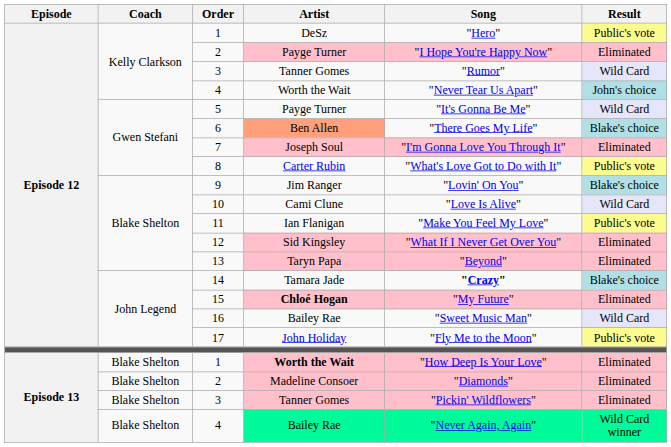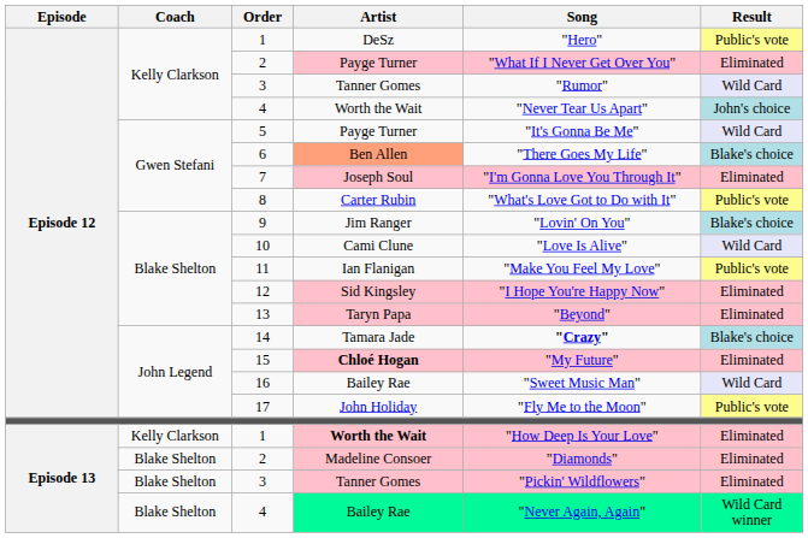 <table class="wikitable" style="text-align:center; width:100%;">
 <tr>
 <th style="width:10%;">Episode</th>
 <th style="width:10%;">Coach</th>
 <th style="width:05%;">Order</th>
 <th style="width:15%;">Artist</th>
 <th style="width:21%;">Song</th>
 <th style="width:9%;">Result</th>
 </tr>
 <tr>
 <th scope="row" rowspan="17">Episode 12 <br></th>
 <td rowspan="4">Kelly Clarkson</td>
 <td>1</td>
 <td>DeSz</td>
 <td>"<a href='#'>Hero</a>"</td>
 <td style="background:#fdfc8f">Public's vote</td>
 </tr>
 <tr>
 <td>2</td>
 <td style="background:pink;">Payge Turner</td>
-<td style="background:pink">"<a href='#'>I Hope You're Happy Now</a>"</td>
+<td style="background:pink">"<a href='#'>What If I Never Get Over You</a>"</td>
 <td style="background:pink">Eliminated</td>
 </tr>
 <tr>
 <td>3</td>
 <td>Tanner Gomes</td>
 <td>"<a href='#'>Rumor</a>"</td>
 <td style="background:lavender">Wild Card</td>
 </tr>
 <tr>
 <td>4</td>
 <td>Worth the Wait</td>
 <td>"<a href='#'>Never Tear Us Apart</a>"</td>
 <td style="background:#b0e0e6;">John's choice</td>
 </tr>
 <tr>
 <td rowspan="4">Gwen Stefani</td>
 <td>5</td>
 <td>Payge Turner</td>
 <td>"<a href='#'>It's Gonna Be Me</a>"</td>
 <td style="background:lavender">Wild Card</td>
 </tr>
 <tr>
 <td>6</td>
 <td style="background: lightsalmon;">Ben Allen</td>
 <td>"<a href='#'>There Goes My Life</a>"</td>
 <td style="background:#b0e0e6;">Blake's choice</td>
 </tr>
 <tr>
 <td>7</td>
 <td style="background:pink">Joseph Soul</td>
 <td style="background:pink;">"<a href='#'>I'm Gonna Love You Through It</a>"</td>
 <td style="background:pink">Eliminated</td>
 </tr>
 <tr>
 <td>8</td>
 <td><a href='#'>Carter Rubin</a></td>
 <td>"<a href='#'>What's Love Got to Do with It</a>"</td>
 <td style="background:#fdfc8f">Public's vote</td>
 </tr>
 <tr>
 <td rowspan="5">Blake Shelton</td>
 <td>9</td>
 <td>Jim Ranger</td>
 <td>"<a href='#'>Lovin' On You</a>"</td>
 <td style="background:#b0e0e6;">Blake's choice</td>
 </tr>
 <tr>
 <td>10</td>
 <td>Cami Clune</td>
 <td>"<a href='#'>Love Is Alive</a>"</td>
 <td style="background:lavender">Wild Card</td>
 </tr>
 <tr>
 <td>11</td>
 <td>Ian Flanigan</td>
 <td>"<a href='#'>Make You Feel My Love</a>"</td>
 <td style="background:#fdfc8f">Public's vote</td>
 </tr>
 <tr>
 <td>12</td>
 <td style="background:pink">Sid Kingsley</td>
-<td style="background:pink">"<a href='#'>What If I Never Get Over You</a>"</td>
+<td style="background:pink">"<a href='#'>I Hope You're Happy Now</a>"</td>
 <td style="background:pink">Eliminated</td>
 </tr>
 <tr>
 <td>13</td>
 <td style="background:pink">Taryn Papa</td>
 <td style="background:pink">"<a href='#'>Beyond</a>"</td>
 <td style="background:pink">Eliminated</td>
 </tr>
 <tr>
 <td rowspan="4">John Legend</td>
 <td>14</td>
 <td>Tamara Jade</td>
 <td><strong>"<a href='#'>Crazy</a>"</strong></td>
 <td style="background:#b0e0e6;">Blake's choice</td>
 </tr>
 <tr>
 <td>15</td>
 <td style="background:pink"><strong>Chloé Hogan</strong></td>
 <td style="background:pink">"<a href='#'>My Future</a>"</td>
 <td style="background:pink">Eliminated</td>
 </tr>
 <tr>
 <td>16</td>
 <td>Bailey Rae</td>
 <td>"<a href='#'>Sweet Music Man</a>"</td>
 <td style="background:lavender">Wild Card</td>
 </tr>
 <tr>
 <td>17</td>
 <td><a href='#'>John Holiday</a></td>
 <td>"<a href='#'>Fly Me to the Moon</a>"</td>
 <td style="background:#fdfc8f">Public's vote</td>
 </tr>
 <tr>
 <td colspan="6" style="background:#555;"></td>
 </tr>
 <tr>
 <th scope="row" rowspan="4">Episode 13 <br></th>
-<td>Blake Shelton</td>
+<td>Kelly Clarkson</td>
 <td>1</td>
 <td style="background:pink;"><strong>Worth the Wait</strong></td>
 <td style="background:pink">"<a href='#'>How Deep Is Your Love</a>"</td>
 <td style="background:pink;">Eliminated</td>
 </tr>
 <tr>
 <td>Blake Shelton</td>
 <td>2</td>
 <td style="background:pink">Madeline Consoer</td>
 <td style="background:pink;">"<a href='#'>Diamonds</a>"</td>
 <td style="background:pink;">Eliminated</td>
 </tr>
 <tr>
 <td>Blake Shelton</td>
 <td>3</td>
 <td style="background:pink;">Tanner Gomes</td>
 <td style="background:pink;">"<a href='#'>Pickin' Wildflowers</a>"</td>
 <td style="background:pink;">Eliminated</td>
 </tr>
 <tr>
 <td>Blake Shelton</td>
 <td>4</td>
 <td style="background:#00fa9a;">Bailey Rae</td>
 <td style="background:#00fa9a;">"<a href='#'>Never Again, Again</a>"</td>
 <td style="background:#00fa9a;">Wild Card winner</td>
 </tr>
 </table>
